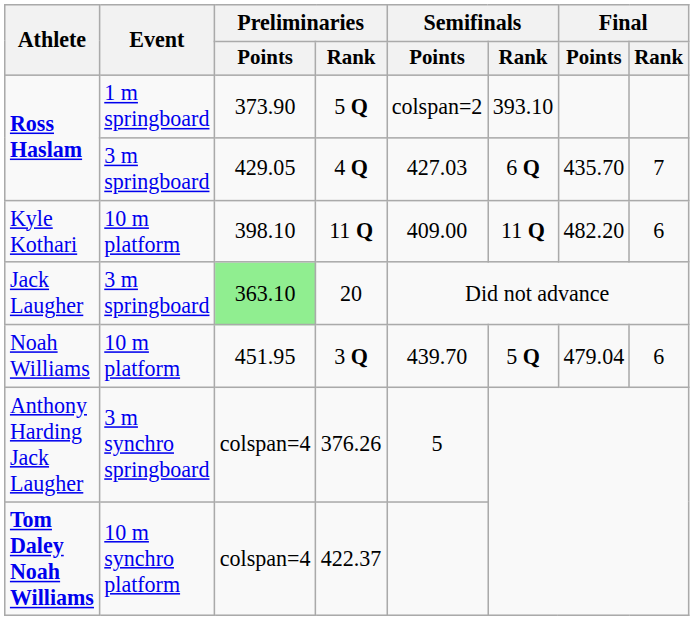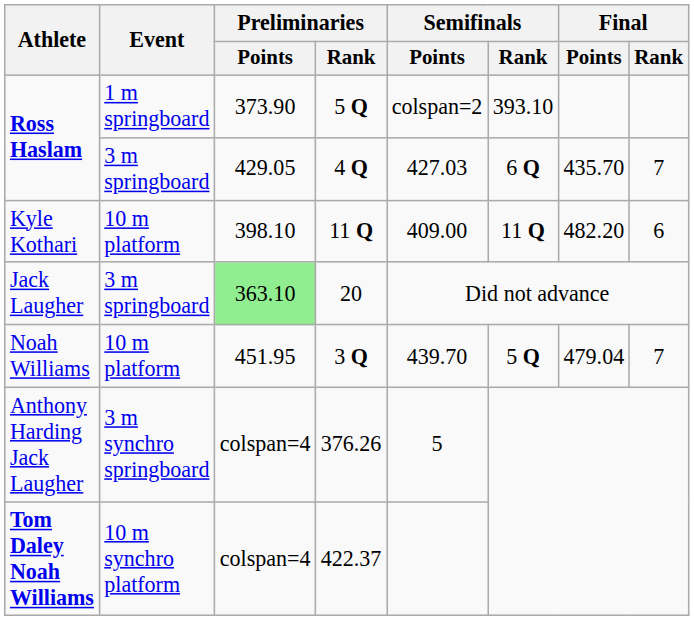 <table class="wikitable" style="text-align:center; font-size:90%; width:50%;">
 <tr>
 <th rowspan=2>Athlete</th>
 <th rowspan=2>Event</th>
 <th colspan=2>Preliminaries</th>
 <th colspan=2>Semifinals</th>
 <th colspan=2>Final</th>
 </tr>
 <tr style="font-size:95%">
 <th>Points</th>
 <th>Rank</th>
 <th>Points</th>
 <th>Rank</th>
 <th>Points</th>
 <th>Rank</th>
 </tr>
 <tr>
 <td align=left rowspan=2><strong><a href='#'>Ross Haslam</a></strong></td>
 <td align=left><a href='#'>1 m springboard</a></td>
 <td>373.90</td>
 <td>5 <strong>Q</strong></td>
 <td>colspan=2 </td>
 <td>393.10</td>
 <td></td>
 </tr>
 <tr>
 <td align=left><a href='#'>3 m springboard</a></td>
 <td>429.05</td>
 <td>4 <strong>Q</strong></td>
 <td>427.03</td>
 <td>6 <strong>Q</strong></td>
 <td>435.70</td>
 <td>7</td>
 </tr>
 <tr>
 <td align=left><a href='#'>Kyle Kothari</a></td>
 <td align=left><a href='#'>10 m platform</a></td>
 <td>398.10</td>
 <td>11 <strong>Q</strong></td>
 <td>409.00</td>
 <td>11 <strong>Q</strong></td>
 <td>482.20</td>
 <td>6</td>
 </tr>
 <tr>
 <td align=left><a href='#'>Jack Laugher</a></td>
 <td align=left><a href='#'>3 m springboard</a></td>
 <td style="background: lightgreen;">363.10</td>
 <td>20</td>
 <td colspan=4>Did not advance</td>
 </tr>
 <tr>
 <td align=left><a href='#'>Noah Williams</a></td>
 <td align=left><a href='#'>10 m platform</a></td>
 <td>451.95</td>
 <td>3 <strong>Q</strong></td>
 <td>439.70</td>
 <td>5 <strong>Q</strong></td>
 <td>479.04</td>
-<td>6</td>
+<td>7</td>
 </tr>
 <tr>
 <td align=left><a href='#'>Anthony Harding</a><br> <a href='#'>Jack Laugher</a></td>
 <td align=left><a href='#'>3 m synchro springboard</a></td>
 <td>colspan=4 </td>
 <td>376.26</td>
 <td>5</td>
 </tr>
 <tr>
 <td align=left><strong><a href='#'>Tom Daley</a><br> <a href='#'>Noah Williams</a></strong></td>
 <td align=left><a href='#'>10 m synchro platform</a></td>
 <td>colspan=4 </td>
 <td>422.37</td>
 <td></td>
 </tr>
 </table>
